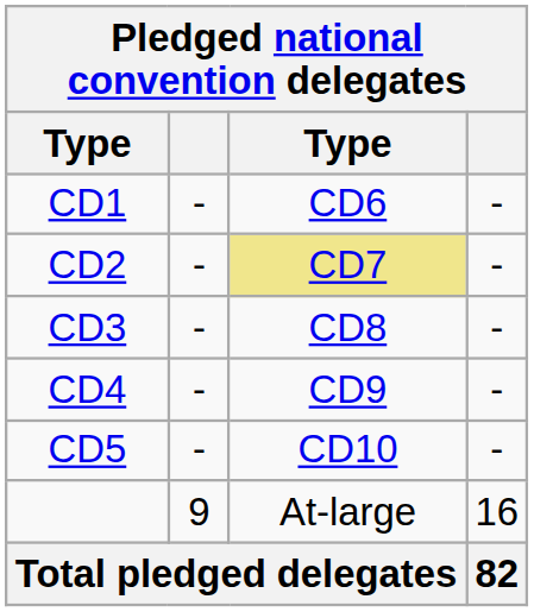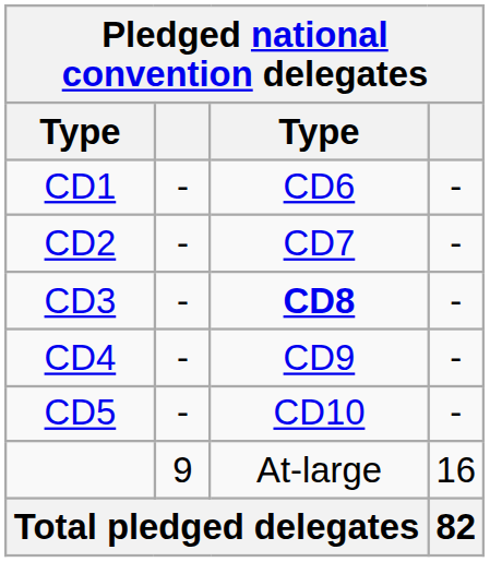 <table class="wikitable sortable" style="font-size:90%;text-align:center;float:none;padding:5px;">
 <tr>
 <th colspan="4">Pledged <a href='#'>national<br>convention</a> delegates</th>
 </tr>
 <tr>
 <th>Type</th>
 <th></th>
 <th>Type</th>
 <th></th>
 </tr>
 <tr>
 <td><a href='#'>CD1</a></td>
 <td>-</td>
 <td><a href='#'>CD6</a></td>
 <td>-</td>
 </tr>
 <tr>
 <td><a href='#'>CD2</a></td>
 <td>-</td>
-<td style="background: khaki;"><a href='#'>CD7</a></td>
+<td><a href='#'>CD7</a></td>
 <td>-</td>
 </tr>
 <tr>
 <td><a href='#'>CD3</a></td>
 <td>-</td>
-<td><a href='#'>CD8</a></td>
+<td><strong><a href='#'>CD8</a></strong></td>
 <td>-</td>
 </tr>
 <tr>
 <td><a href='#'>CD4</a></td>
 <td>-</td>
 <td><a href='#'>CD9</a></td>
 <td>-</td>
 </tr>
 <tr>
 <td><a href='#'>CD5</a></td>
 <td>-</td>
 <td><a href='#'>CD10</a></td>
 <td>-</td>
 </tr>
 <tr>
 <td></td>
 <td>9</td>
 <td>At-large</td>
 <td>16</td>
 </tr>
 <tr>
 <th colspan="3">Total pledged delegates</th>
 <th>82</th>
 </tr>
 </table>
